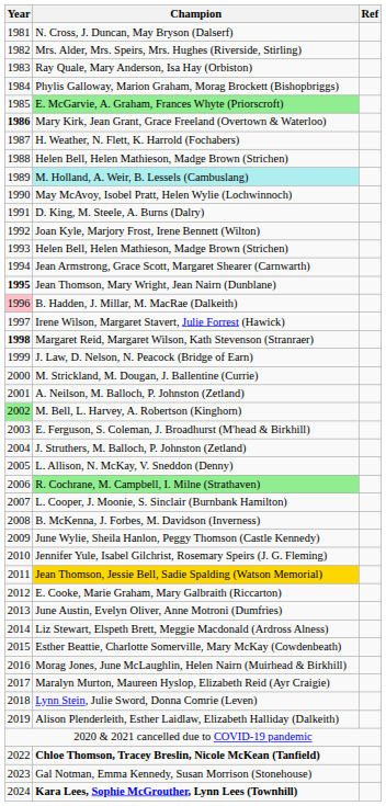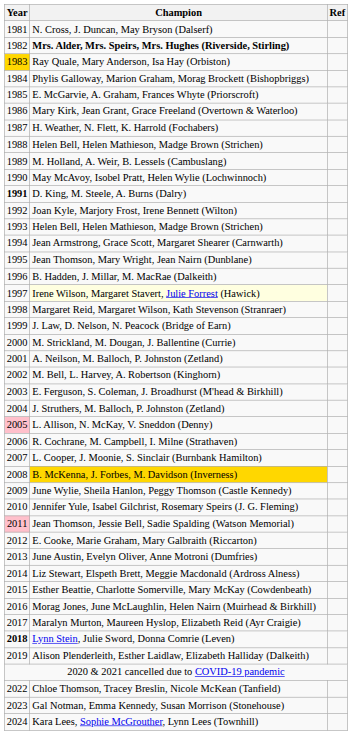 <table class="wikitable">
 <tr>
 <th width="30">Year</th>
 <th width="450">Champion</th>
 <th width="20">Ref</th>
 </tr>
 <tr>
 <td align=center>1981</td>
 <td>N. Cross, J. Duncan, May Bryson (Dalserf)</td>
 <td></td>
 </tr>
 <tr>
 <td align=center>1982</td>
-<td>Mrs. Alder, Mrs. Speirs, Mrs. Hughes (Riverside, Stirling)</td>
+<td><strong>Mrs. Alder, Mrs. Speirs, Mrs. Hughes (Riverside, Stirling)</strong></td>
 <td></td>
 </tr>
 <tr>
-<td align=center>1983</td>
+<td align=center style="background: gold;">1983</td>
 <td>Ray Quale, Mary Anderson, Isa Hay (Orbiston)</td>
 <td></td>
 </tr>
 <tr>
 <td align=center>1984</td>
 <td>Phylis Galloway, Marion Graham, Morag Brockett (Bishopbriggs)</td>
 <td></td>
 </tr>
 <tr>
 <td align=center>1985</td>
-<td style="background: lightgreen;">E. McGarvie, A. Graham, Frances Whyte (Priorscroft)</td>
+<td>E. McGarvie, A. Graham, Frances Whyte (Priorscroft)</td>
 <td></td>
 </tr>
 <tr>
-<td align=center><strong>1986</strong></td>
+<td align=center>1986</td>
 <td>Mary Kirk, Jean Grant, Grace Freeland (Overtown & Waterloo)</td>
 <td></td>
 </tr>
 <tr>
 <td align=center>1987</td>
 <td>H. Weather, N. Flett, K. Harrold (Fochabers)</td>
 <td></td>
 </tr>
 <tr>
 <td align=center>1988</td>
 <td>Helen Bell, Helen Mathieson, Madge Brown (Strichen)</td>
 <td></td>
 </tr>
 <tr>
 <td align=center>1989</td>
-<td style="background: paleturquoise;">M. Holland, A. Weir, B. Lessels (Cambuslang)</td>
+<td>M. Holland, A. Weir, B. Lessels (Cambuslang)</td>
 <td></td>
 </tr>
 <tr>
 <td align=center>1990</td>
 <td>May McAvoy, Isobel Pratt, Helen Wylie (Lochwinnoch)</td>
 <td></td>
 </tr>
 <tr>
-<td align=center>1991</td>
+<td align=center><strong>1991</strong></td>
 <td>D. King, M. Steele, A. Burns (Dalry)</td>
 <td></td>
 </tr>
 <tr>
 <td align=center>1992</td>
 <td>Joan Kyle, Marjory Frost, Irene Bennett (Wilton)</td>
 <td></td>
 </tr>
 <tr>
 <td align=center>1993</td>
 <td>Helen Bell, Helen Mathieson, Madge Brown (Strichen)</td>
 <td></td>
 </tr>
 <tr>
 <td align=center>1994</td>
 <td>Jean Armstrong, Grace Scott, Margaret Shearer (Carnwarth)</td>
 <td></td>
 </tr>
 <tr>
-<td align=center><strong>1995</strong></td>
+<td align=center>1995</td>
 <td>Jean Thomson, Mary Wright, Jean Nairn (Dunblane)</td>
 <td></td>
 </tr>
 <tr>
-<td align=center style="background: pink;">1996</td>
+<td align=center>1996</td>
 <td>B. Hadden, J. Millar, M. MacRae (Dalkeith)</td>
 <td></td>
 </tr>
 <tr>
 <td align=center>1997</td>
-<td>Irene Wilson, Margaret Stavert, <a href='#'>Julie Forrest</a> (Hawick)</td>
+<td style="background: lightyellow;">Irene Wilson, Margaret Stavert, <a href='#'>Julie Forrest</a> (Hawick)</td>
 <td></td>
 </tr>
 <tr>
-<td align=center><strong>1998</strong></td>
+<td align=center>1998</td>
 <td>Margaret Reid, Margaret Wilson, Kath Stevenson (Stranraer)</td>
 <td></td>
 </tr>
 <tr>
 <td align=center>1999</td>
 <td>J. Law, D. Nelson, N. Peacock (Bridge of Earn)</td>
 <td></td>
 </tr>
 <tr>
 <td align=center>2000</td>
 <td>M. Strickland, M. Dougan, J. Ballentine (Currie)</td>
 <td></td>
 </tr>
 <tr>
 <td align=center>2001</td>
 <td>A. Neilson, M. Balloch, P. Johnston (Zetland)</td>
 <td></td>
 </tr>
 <tr>
-<td align=center style="background: lightgreen;">2002</td>
+<td align=center>2002</td>
 <td>M. Bell, L. Harvey, A. Robertson (Kinghorn)</td>
 <td></td>
 </tr>
 <tr>
 <td align=center>2003</td>
 <td>E. Ferguson, S. Coleman, J. Broadhurst (M'head & Birkhill)</td>
 <td></td>
 </tr>
 <tr>
 <td align=center>2004</td>
 <td>J. Struthers, M. Balloch, P. Johnston (Zetland)</td>
 <td></td>
 </tr>
 <tr>
-<td align=center>2005</td>
+<td align=center style="background: pink;">2005</td>
 <td>L. Allison, N. McKay, V. Sneddon (Denny)</td>
 <td></td>
 </tr>
 <tr>
 <td align=center>2006</td>
-<td style="background: lightgreen;">R. Cochrane, M. Campbell, I. Milne (Strathaven)</td>
+<td>R. Cochrane, M. Campbell, I. Milne (Strathaven)</td>
 <td></td>
 </tr>
 <tr>
 <td align=center>2007</td>
 <td>L. Cooper, J. Moonie, S. Sinclair (Burnbank Hamilton)</td>
 <td></td>
 </tr>
 <tr>
 <td align=center>2008</td>
-<td>B. McKenna, J. Forbes, M. Davidson (Inverness)</td>
+<td style="background: gold;">B. McKenna, J. Forbes, M. Davidson (Inverness)</td>
 <td></td>
 </tr>
 <tr>
 <td align=center>2009</td>
 <td>June Wylie, Sheila Hanlon, Peggy Thomson (Castle Kennedy)</td>
 <td></td>
 </tr>
 <tr>
 <td align=center>2010</td>
 <td>Jennifer Yule, Isabel Gilchrist, Rosemary Speirs (J. G. Fleming)</td>
 <td></td>
 </tr>
 <tr>
-<td align=center>2011</td>
-<td style="background: gold;">Jean Thomson, Jessie Bell, Sadie Spalding (Watson Memorial)</td>
+<td align=center style="background: pink;">2011</td>
+<td>Jean Thomson, Jessie Bell, Sadie Spalding (Watson Memorial)</td>
 <td></td>
 </tr>
 <tr>
 <td align=center>2012</td>
 <td>E. Cooke, Marie Graham, Mary Galbraith (Riccarton)</td>
 <td></td>
 </tr>
 <tr>
 <td align=center>2013</td>
 <td>June Austin, Evelyn Oliver, Anne Motroni (Dumfries)</td>
 <td></td>
 </tr>
 <tr>
 <td align=center>2014</td>
 <td>Liz Stewart, Elspeth Brett, Meggie Macdonald (Ardross Alness)</td>
 <td></td>
 </tr>
 <tr>
 <td align=center>2015</td>
 <td>Esther Beattie, Charlotte Somerville, Mary McKay (Cowdenbeath)</td>
 <td></td>
 </tr>
 <tr>
 <td align=center>2016</td>
 <td>Morag Jones, June McLaughlin, Helen Nairn (Muirhead & Birkhill)</td>
 <td></td>
 </tr>
 <tr>
 <td align=center>2017</td>
 <td>Maralyn Murton, Maureen Hyslop, Elizabeth Reid (Ayr Craigie)</td>
 <td></td>
 </tr>
 <tr>
-<td align=center>2018</td>
+<td align=center><strong>2018</strong></td>
 <td><a href='#'>Lynn Stein</a>, Julie Sword, Donna Comrie (Leven)</td>
 <td></td>
 </tr>
 <tr>
 <td align=center>2019</td>
 <td>Alison Plenderleith, Esther Laidlaw, Elizabeth Halliday (Dalkeith)</td>
 <td></td>
 </tr>
 <tr align=center>
 <td colspan=3>2020 & 2021 cancelled due to  <a href='#'>COVID-19 pandemic</a></td>
 </tr>
 <tr>
 <td align=center>2022</td>
-<td><strong>Chloe Thomson, Tracey Breslin, Nicole McKean (Tanfield)</strong></td>
+<td>Chloe Thomson, Tracey Breslin, Nicole McKean (Tanfield)</td>
 <td></td>
 </tr>
 <tr>
 <td align=center>2023</td>
 <td>Gal Notman, Emma Kennedy, Susan Morrison (Stonehouse)</td>
 <td></td>
 </tr>
 <tr>
 <td align=center>2024</td>
-<td><strong>Kara Lees, <a href='#'>Sophie McGrouther</a>, Lynn Lees (Townhill)</strong></td>
+<td>Kara Lees, <a href='#'>Sophie McGrouther</a>, Lynn Lees (Townhill)</td>
 <td></td>
 </tr>
 </table>
